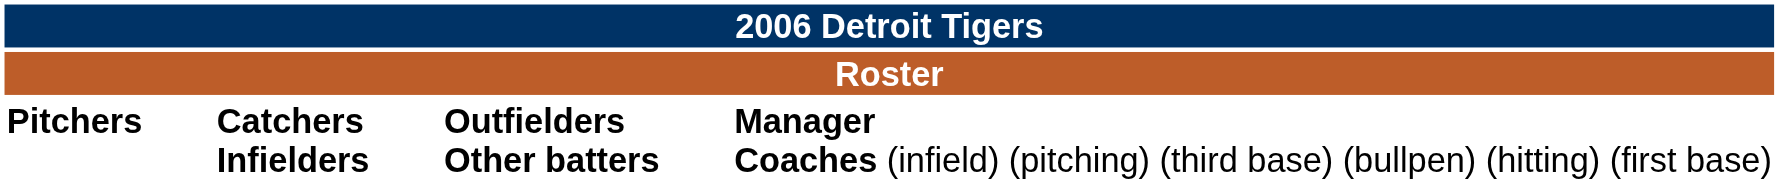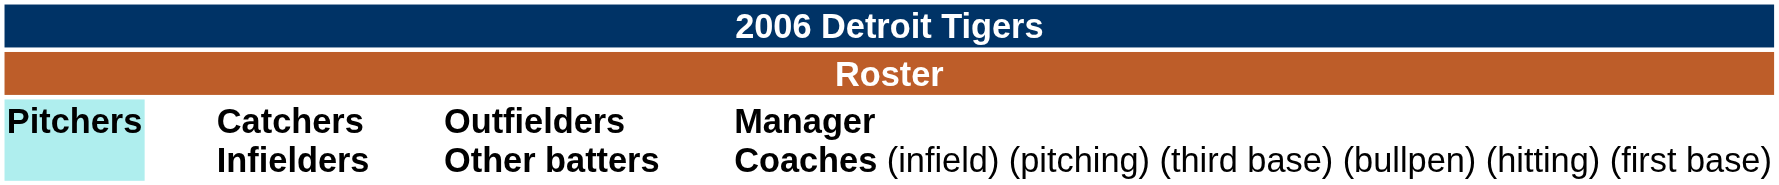 <table class="toccolours" style="font-size: 95%;">
 <tr>
 <th colspan="10" style="background:#036; color:white; text-align:center;">2006 Detroit Tigers</th>
 </tr>
 <tr>
 <td colspan="10" style="background:#bd5d29; color:white; text-align:center;"><strong>Roster</strong></td>
 </tr>
 <tr>
-<td valign="top"><strong>Pitchers</strong><br>                  </td>
+<td valign="top" style="background: paleturquoise;"><strong>Pitchers</strong><br>                  </td>
 <td style="width:25px;"></td>
 <td valign="top"><strong>Catchers</strong><br>  <strong>Infielders</strong>           </td>
 <td style="width:25px;"></td>
 <td valign="top"><strong>Outfielders</strong><br>      <strong>Other batters</strong>  </td>
 <td style="width:25px;"></td>
 <td valign="top"><strong>Manager</strong><br> <strong>Coaches</strong>  (infield)  (pitching)  (third base)  (bullpen)  (hitting)  (first base)</td>
 </tr>
 </table>
